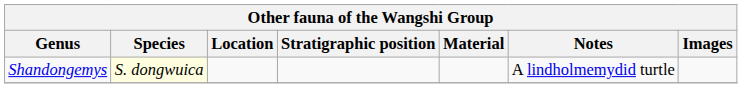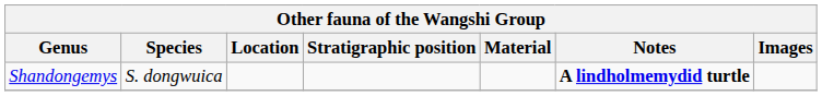 <table class="wikitable" align="center">
 <tr>
 <th colspan="7" align="center">Other fauna of the Wangshi Group</th>
 </tr>
 <tr>
 <th>Genus</th>
 <th>Species</th>
 <th>Location</th>
 <th>Stratigraphic position</th>
 <th>Material</th>
 <th>Notes</th>
 <th>Images</th>
 </tr>
 <tr>
 <td><em><a href='#'>Shandongemys</a></em></td>
-<td style="background: lightyellow;"><em>S. dongwuica</em></td>
+<td><em>S. dongwuica</em></td>
 <td></td>
 <td></td>
 <td></td>
-<td>A <a href='#'>lindholmemydid</a> turtle</td>
+<td><strong>A <a href='#'>lindholmemydid</a> turtle</strong></td>
 <td></td>
 </tr>
 <tr>
 </tr>
 </table>
